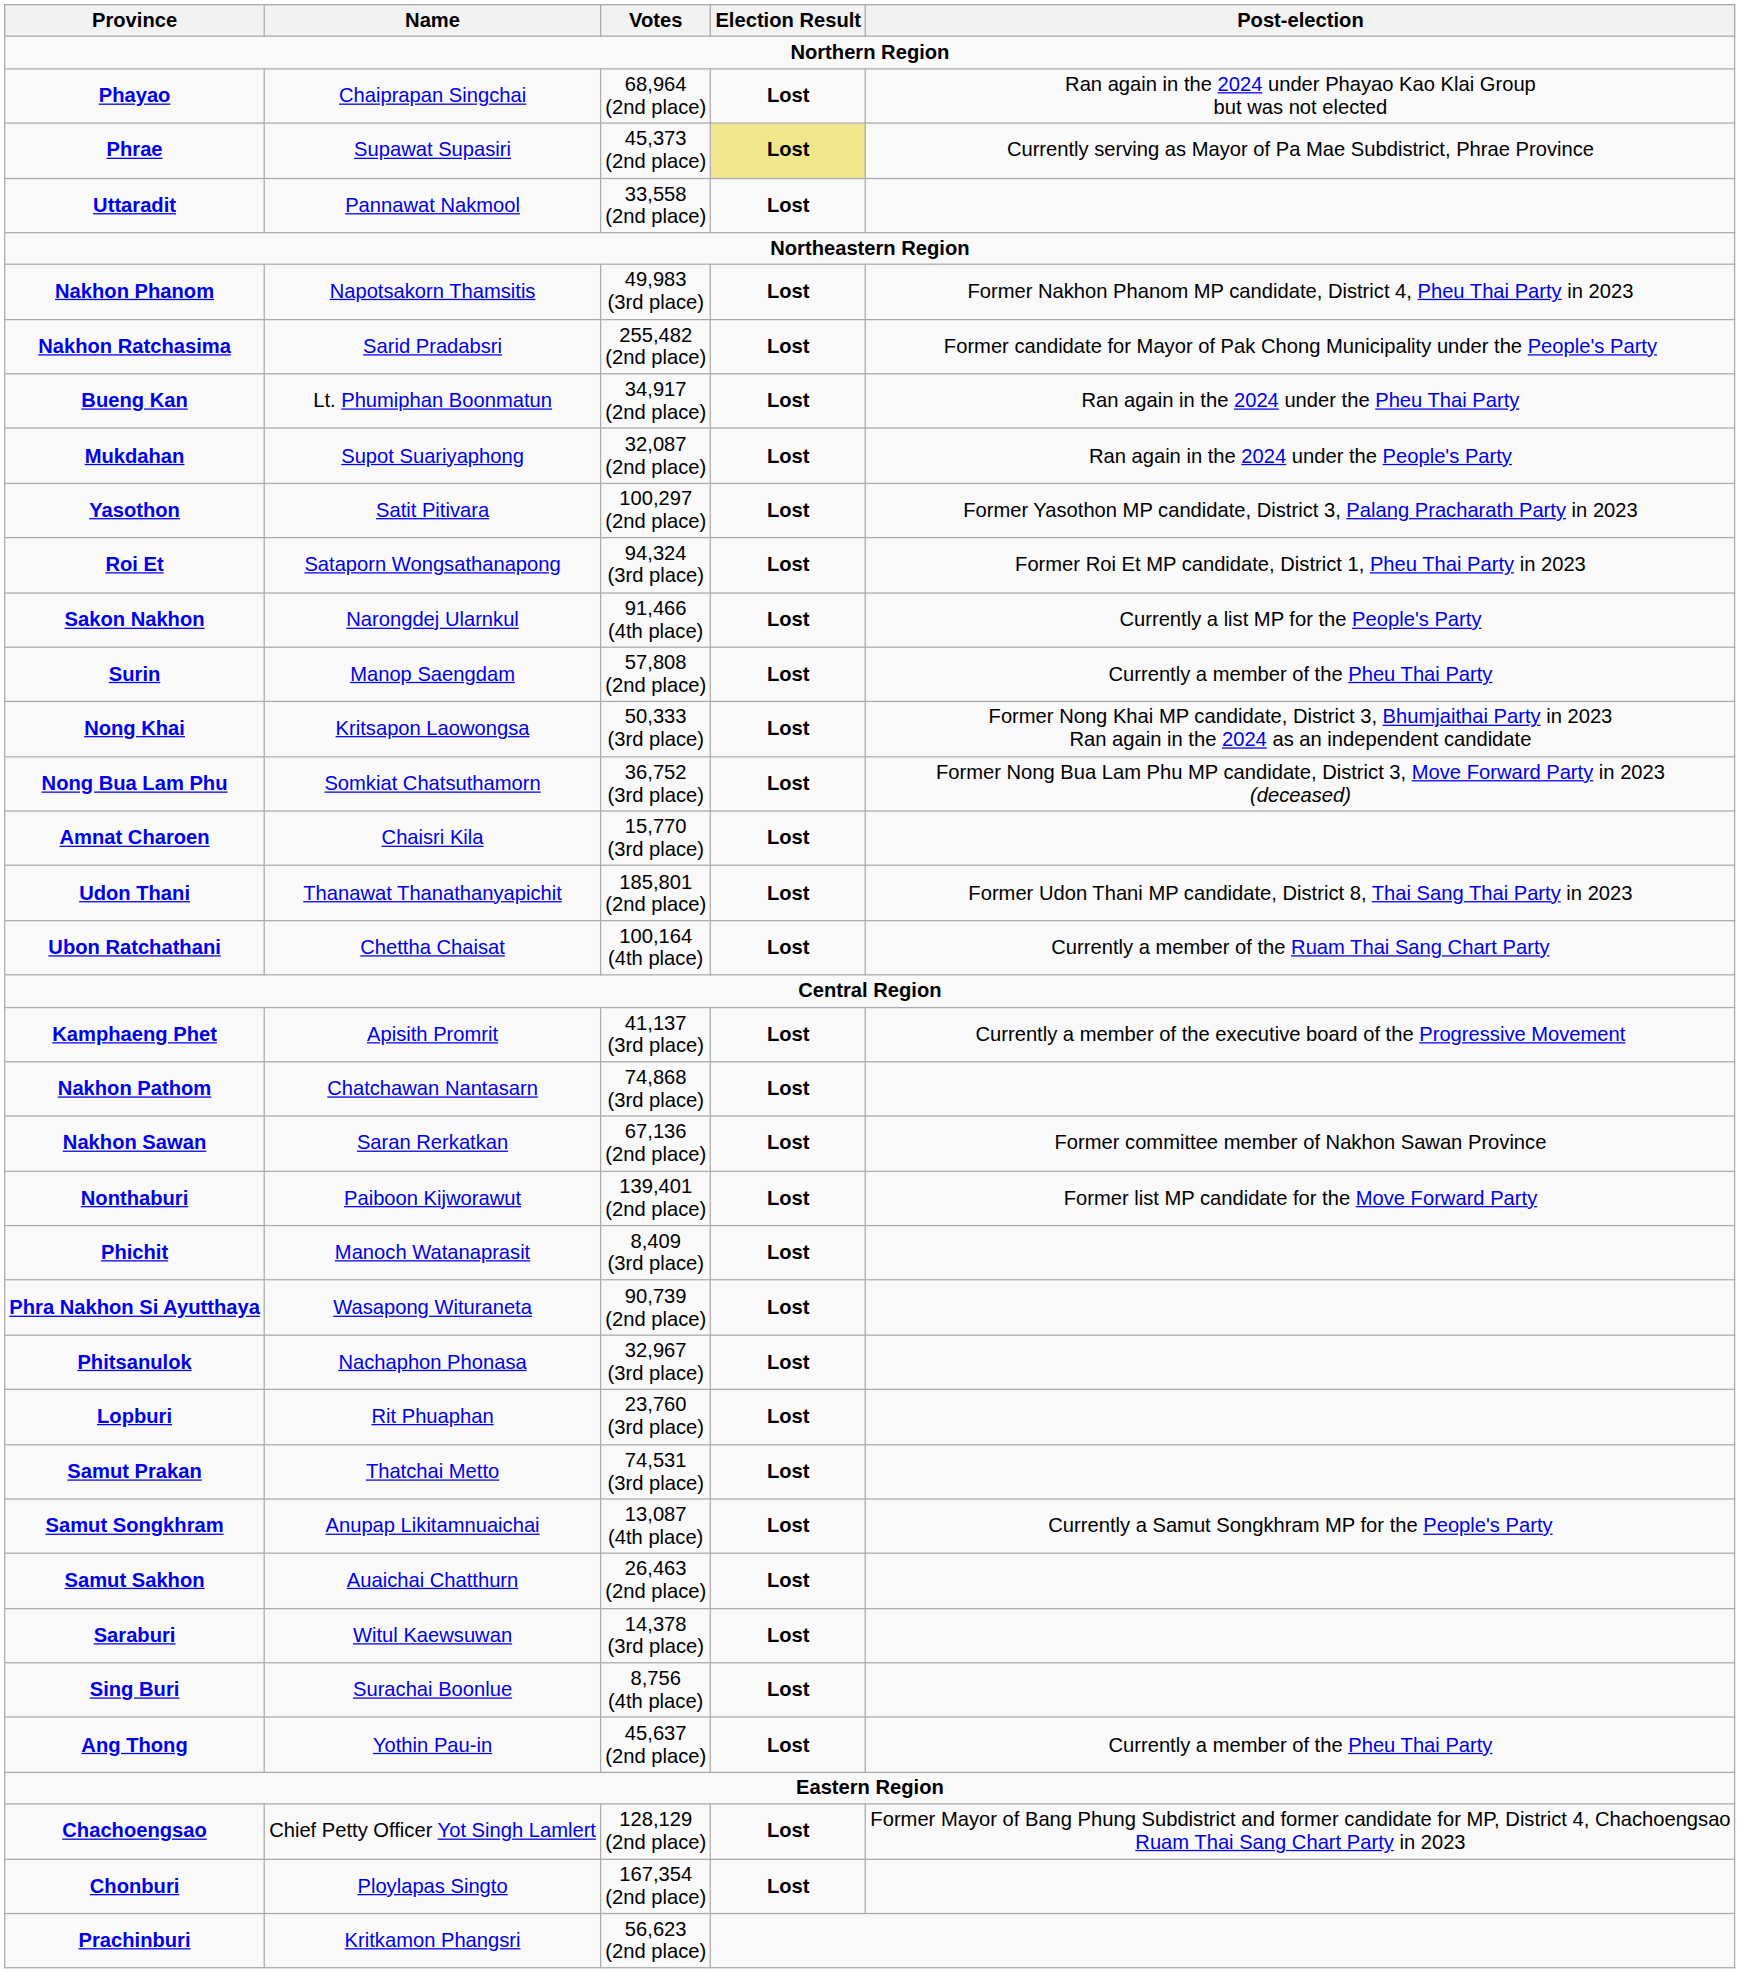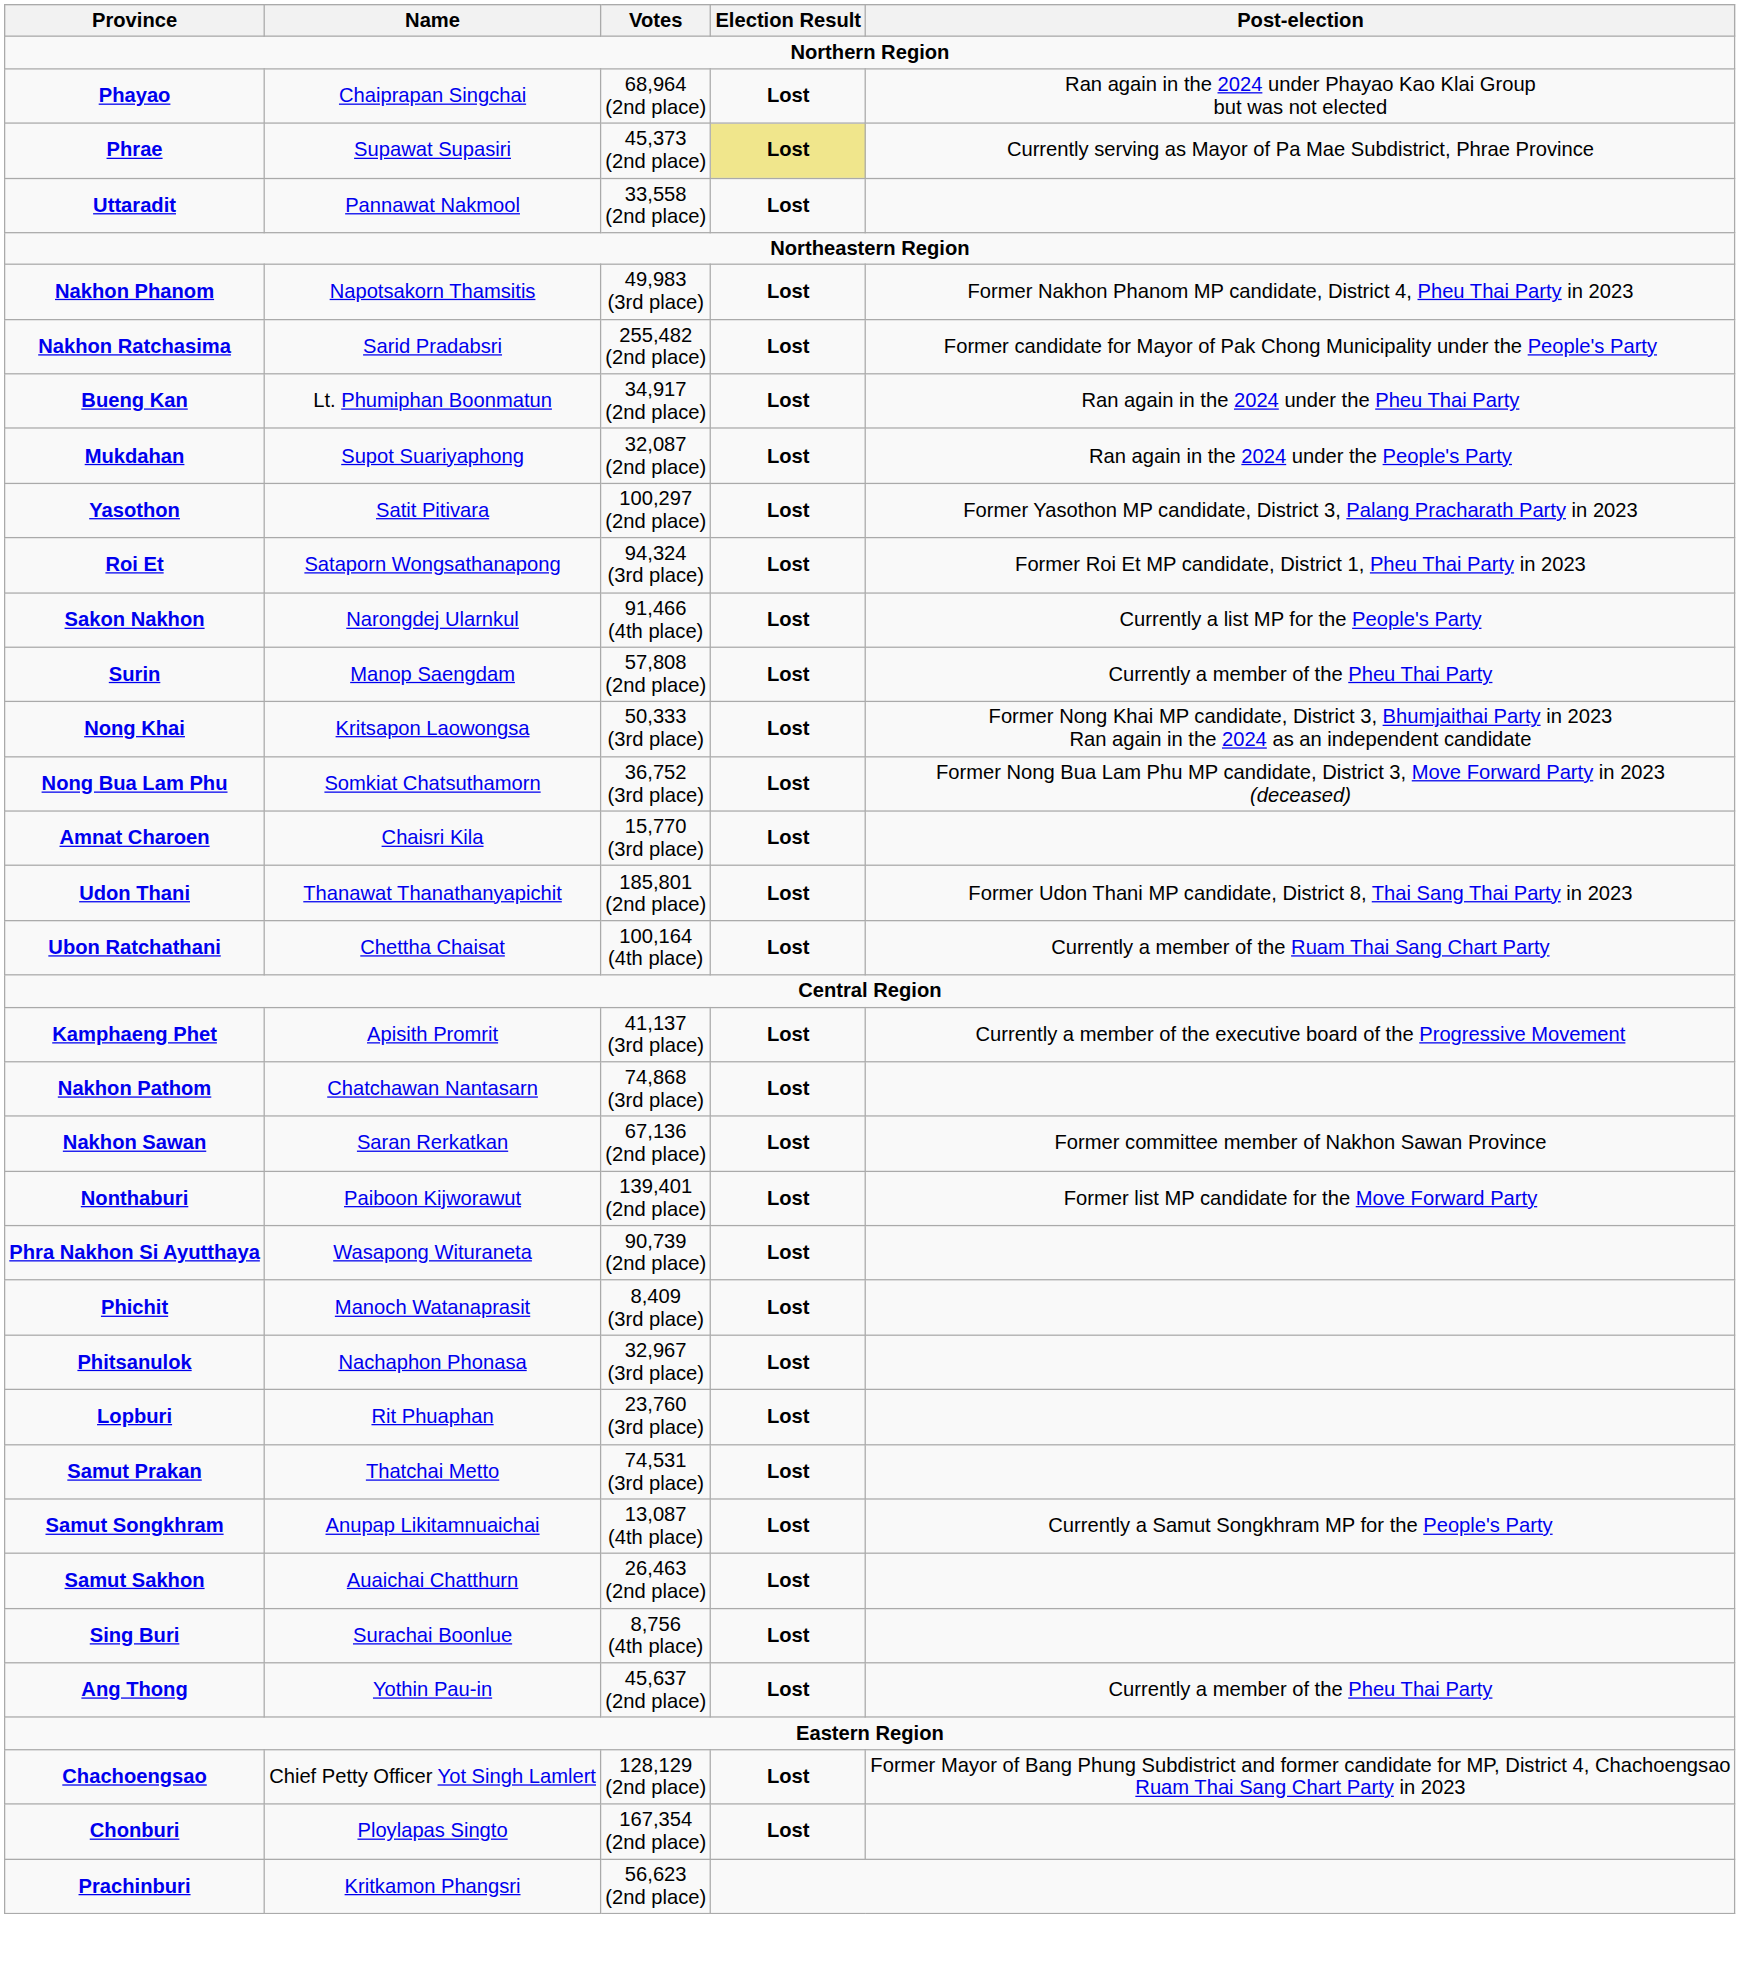 <table class="wikitable" style="font-size:100%; text-align:center;">
 <tr style="background:#cccccc">
 <th>Province</th>
 <th>Name</th>
 <th>Votes</th>
 <th>Election Result</th>
 <th>Post-election</th>
 </tr>
 <tr>
 <td colspan=5><strong>Northern Region</strong></td>
 </tr>
 <tr>
 <td><strong><a href='#'>Phayao</a></strong></td>
 <td><a href='#'>Chaiprapan Singchai</a></td>
 <td>68,964 <br> (2nd place)</td>
 <td> <strong>Lost</strong></td>
 <td>Ran again in the <a href='#'>2024</a> under Phayao Kao Klai Group <br> but was not elected</td>
 </tr>
 <tr>
 <td><strong><a href='#'>Phrae</a></strong></td>
 <td><a href='#'>Supawat Supasiri</a></td>
 <td>45,373 <br> (2nd place)</td>
 <td style="background: khaki;"> <strong>Lost</strong></td>
 <td>Currently serving as Mayor of Pa Mae Subdistrict, Phrae Province</td>
 </tr>
 <tr>
 <td><strong><a href='#'>Uttaradit</a></strong></td>
 <td><a href='#'>Pannawat Nakmool</a></td>
 <td>33,558 <br> (2nd place)</td>
 <td> <strong>Lost</strong></td>
 <td></td>
 </tr>
 <tr>
 <td colspan=5><strong>Northeastern Region</strong></td>
 </tr>
 <tr>
 <td><strong><a href='#'>Nakhon Phanom</a></strong></td>
 <td><a href='#'>Napotsakorn Thamsitis</a></td>
 <td>49,983 <br> (3rd place)</td>
 <td> <strong>Lost</strong></td>
 <td>Former Nakhon Phanom MP candidate, District 4, <a href='#'>Pheu Thai Party</a> in 2023</td>
 </tr>
 <tr>
 <td><strong><a href='#'>Nakhon Ratchasima</a></strong></td>
 <td><a href='#'>Sarid Pradabsri</a></td>
 <td>255,482 <br> (2nd place)</td>
 <td> <strong>Lost</strong></td>
 <td>Former candidate for Mayor of Pak Chong Municipality under the <a href='#'>People's Party</a></td>
 </tr>
 <tr>
 <td><strong><a href='#'>Bueng Kan</a></strong></td>
 <td>Lt. <a href='#'>Phumiphan Boonmatun</a></td>
 <td>34,917 <br> (2nd place)</td>
 <td> <strong>Lost</strong></td>
 <td>Ran again in the <a href='#'>2024</a> under the <a href='#'>Pheu Thai Party</a></td>
 </tr>
 <tr>
 <td><strong><a href='#'>Mukdahan</a></strong></td>
 <td><a href='#'>Supot Suariyaphong</a></td>
 <td>32,087  <br> (2nd place)</td>
 <td> <strong>Lost</strong></td>
 <td>Ran again in the <a href='#'>2024</a> under the <a href='#'>People's Party</a></td>
 </tr>
 <tr>
 <td><strong><a href='#'>Yasothon</a></strong></td>
 <td><a href='#'>Satit Pitivara</a></td>
 <td>100,297 <br> (2nd place)</td>
 <td> <strong>Lost</strong></td>
 <td>Former Yasothon MP candidate, District 3, <a href='#'>Palang Pracharath Party</a> in 2023</td>
 </tr>
 <tr>
 <td><strong><a href='#'>Roi Et</a></strong></td>
 <td><a href='#'>Sataporn Wongsathanapong</a></td>
 <td>94,324 <br> (3rd place)</td>
 <td> <strong>Lost</strong></td>
 <td>Former Roi Et MP candidate, District 1, <a href='#'>Pheu Thai Party</a> in 2023</td>
 </tr>
 <tr>
 <td><strong><a href='#'>Sakon Nakhon</a></strong></td>
 <td><a href='#'>Narongdej Ularnkul</a></td>
 <td>91,466 <br> (4th place)</td>
 <td> <strong>Lost</strong></td>
 <td>Currently a list MP for the <a href='#'>People's Party</a></td>
 </tr>
 <tr>
 <td><strong><a href='#'>Surin</a></strong></td>
 <td><a href='#'>Manop Saengdam</a></td>
 <td>57,808 <br> (2nd place)</td>
 <td> <strong>Lost</strong></td>
 <td>Currently a member of the <a href='#'>Pheu Thai Party</a></td>
 </tr>
 <tr>
 <td><strong><a href='#'>Nong Khai</a></strong></td>
 <td><a href='#'>Kritsapon Laowongsa</a></td>
 <td>50,333 <br> (3rd place)</td>
 <td> <strong>Lost</strong></td>
 <td>Former Nong Khai MP candidate, District 3, <a href='#'>Bhumjaithai Party</a> in 2023 <br> Ran again in the <a href='#'>2024</a> as an independent candidate</td>
 </tr>
 <tr>
 <td><strong><a href='#'>Nong Bua Lam Phu</a></strong></td>
 <td><a href='#'>Somkiat Chatsuthamorn</a></td>
 <td>36,752 <br> (3rd place)</td>
 <td> <strong>Lost</strong></td>
 <td>Former Nong Bua Lam Phu MP candidate, District 3, <a href='#'>Move Forward Party</a> in 2023 <br> <em>(deceased)</em></td>
 </tr>
 <tr>
 <td><strong><a href='#'>Amnat Charoen</a></strong></td>
 <td><a href='#'>Chaisri Kila</a></td>
 <td>15,770 <br> (3rd place)</td>
 <td> <strong>Lost</strong></td>
 <td></td>
 </tr>
 <tr>
 <td><strong><a href='#'>Udon Thani</a></strong></td>
 <td><a href='#'>Thanawat Thanathanyapichit</a></td>
 <td>185,801 <br> (2nd place)</td>
 <td> <strong>Lost</strong></td>
 <td>Former Udon Thani MP candidate, District 8, <a href='#'>Thai Sang Thai Party</a> in 2023</td>
 </tr>
 <tr>
 <td><strong><a href='#'>Ubon Ratchathani</a></strong></td>
 <td><a href='#'>Chettha Chaisat</a></td>
 <td>100,164 <br> (4th place)</td>
 <td> <strong>Lost</strong></td>
 <td>Currently a member of the <a href='#'>Ruam Thai Sang Chart Party</a></td>
 </tr>
 <tr>
 <td colspan=5><strong>Central Region</strong></td>
 </tr>
 <tr>
 <td><strong><a href='#'>Kamphaeng Phet</a></strong></td>
 <td><a href='#'>Apisith Promrit</a></td>
 <td>41,137 <br> (3rd place)</td>
 <td> <strong>Lost</strong></td>
 <td>Currently a member of the executive board of the <a href='#'>Progressive Movement</a></td>
 </tr>
 <tr>
 <td><strong><a href='#'>Nakhon Pathom</a></strong></td>
 <td><a href='#'>Chatchawan Nantasarn</a></td>
 <td>74,868 <br> (3rd place)</td>
 <td> <strong>Lost</strong></td>
 <td></td>
 </tr>
 <tr>
 <td><strong><a href='#'>Nakhon Sawan</a></strong></td>
 <td><a href='#'>Saran Rerkatkan</a></td>
 <td>67,136 <br> (2nd place)</td>
 <td> <strong>Lost</strong></td>
 <td>Former committee member of Nakhon Sawan Province</td>
 </tr>
 <tr>
 <td><strong><a href='#'>Nonthaburi</a></strong></td>
 <td><a href='#'>Paiboon Kijworawut</a></td>
 <td>139,401 <br> (2nd place)</td>
 <td> <strong>Lost</strong></td>
 <td>Former list MP candidate for the <a href='#'>Move Forward Party</a></td>
 </tr>
 <tr>
-<td><strong><a href='#'>Phichit</a></strong></td>
-<td><a href='#'>Manoch Watanaprasit</a></td>
-<td>8,409 <br> (3rd place)</td>
+<td><strong><a href='#'>Phra Nakhon Si Ayutthaya</a></strong></td>
+<td><a href='#'>Wasapong Wituraneta</a></td>
+<td>90,739 <br> (2nd place)</td>
 <td> <strong>Lost</strong></td>
 <td></td>
 </tr>
 <tr>
-<td><strong><a href='#'>Phra Nakhon Si Ayutthaya</a></strong></td>
-<td><a href='#'>Wasapong Wituraneta</a></td>
-<td>90,739 <br> (2nd place)</td>
+<td><strong><a href='#'>Phichit</a></strong></td>
+<td><a href='#'>Manoch Watanaprasit</a></td>
+<td>8,409 <br> (3rd place)</td>
 <td> <strong>Lost</strong></td>
 <td></td>
 </tr>
 <tr>
 <td><strong><a href='#'>Phitsanulok</a></strong></td>
 <td><a href='#'>Nachaphon Phonasa</a></td>
 <td>32,967 <br> (3rd place)</td>
 <td> <strong>Lost</strong></td>
 <td></td>
 </tr>
 <tr>
 <td><strong><a href='#'>Lopburi</a></strong></td>
 <td><a href='#'>Rit Phuaphan</a></td>
 <td>23,760 <br> (3rd place)</td>
 <td> <strong>Lost</strong></td>
 <td></td>
 </tr>
 <tr>
 <td><strong><a href='#'>Samut Prakan</a></strong></td>
 <td><a href='#'>Thatchai Metto</a></td>
 <td>74,531  <br> (3rd place)</td>
 <td> <strong>Lost</strong></td>
 <td></td>
 </tr>
 <tr>
 <td><strong><a href='#'>Samut Songkhram</a></strong></td>
 <td><a href='#'>Anupap Likitamnuaichai</a></td>
 <td>13,087 <br> (4th place)</td>
 <td> <strong>Lost</strong></td>
 <td>Currently a Samut Songkhram MP for the <a href='#'>People's Party</a></td>
 </tr>
 <tr>
 <td><strong><a href='#'>Samut Sakhon</a></strong></td>
 <td><a href='#'>Auaichai Chatthurn</a></td>
 <td>26,463 <br> (2nd place)</td>
-<td> <strong>Lost</strong></td>
-<td></td>
-</tr>
-<tr>
-<td><strong><a href='#'>Saraburi</a></strong></td>
-<td><a href='#'>Witul Kaewsuwan</a></td>
-<td>14,378 <br> (3rd place)</td>
 <td> <strong>Lost</strong></td>
 <td></td>
 </tr>
 <tr>
 <td><strong><a href='#'>Sing Buri</a></strong></td>
 <td><a href='#'>Surachai Boonlue</a></td>
 <td>8,756 <br> (4th place)</td>
 <td> <strong>Lost</strong></td>
 <td></td>
 </tr>
 <tr>
 <td><strong><a href='#'>Ang Thong</a></strong></td>
 <td><a href='#'>Yothin Pau-in</a></td>
 <td>45,637 <br> (2nd place)</td>
 <td> <strong>Lost</strong></td>
 <td>Currently a member of the <a href='#'>Pheu Thai Party</a></td>
 </tr>
 <tr>
 <td colspan=5><strong>Eastern Region</strong></td>
 </tr>
 <tr>
 <td><strong><a href='#'>Chachoengsao</a></strong></td>
 <td>Chief Petty Officer <a href='#'>Yot Singh Lamlert</a></td>
 <td>128,129 <br> (2nd place)</td>
 <td> <strong>Lost</strong></td>
 <td>Former Mayor of Bang Phung Subdistrict and former candidate for MP, District 4, Chachoengsao <br> <a href='#'>Ruam Thai Sang Chart Party</a> in 2023</td>
 </tr>
 <tr>
 <td><strong><a href='#'>Chonburi</a></strong></td>
 <td><a href='#'>Ploylapas Singto</a></td>
 <td>167,354 <br> (2nd place)</td>
 <td> <strong>Lost</strong></td>
 <td></td>
 </tr>
 <tr>
 <td><strong><a href='#'>Prachinburi</a></strong></td>
 <td><a href='#'>Kritkamon Phangsri</a></td>
 <td>56,623 <br> (2nd place)</td>
 </tr>
 </table>
